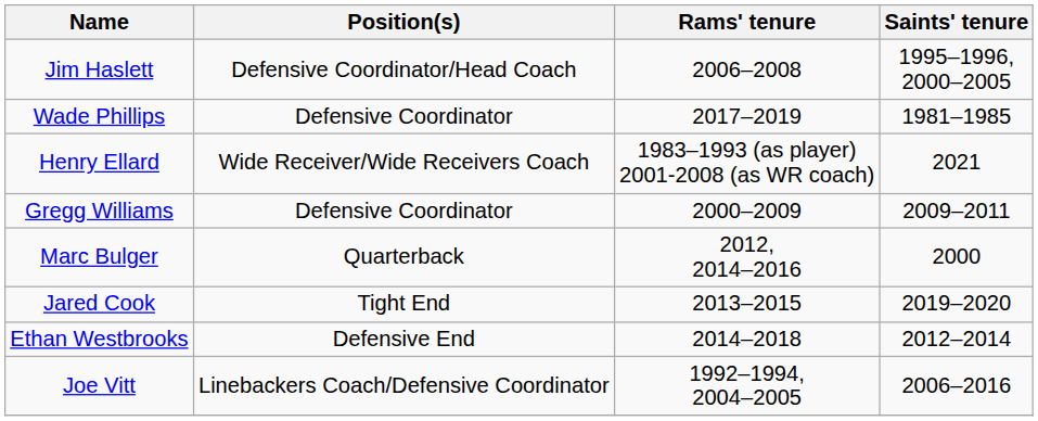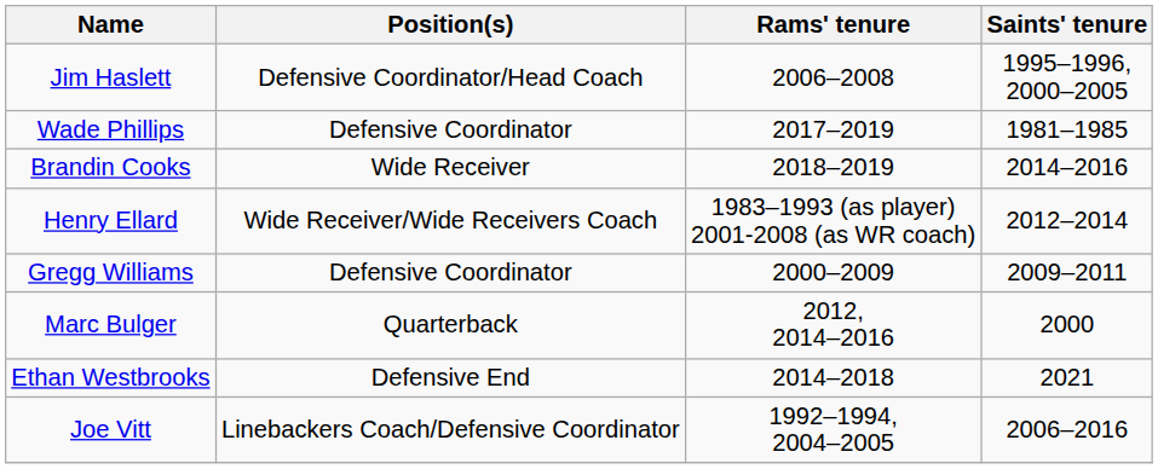 <table class="wikitable" style="text-align: center">
 <tr>
 <th>Name</th>
 <th>Position(s)</th>
 <th>Rams' tenure</th>
 <th>Saints' tenure</th>
 </tr>
 <tr>
 <td><a href='#'>Jim Haslett</a></td>
 <td>Defensive Coordinator/Head Coach</td>
 <td>2006–2008</td>
 <td>1995–1996, <br>2000–2005</td>
 </tr>
 <tr>
 <td><a href='#'>Wade Phillips</a></td>
 <td>Defensive Coordinator</td>
 <td>2017–2019</td>
 <td>1981–1985</td>
 </tr>
 <tr>
+<td><a href='#'>Brandin Cooks</a></td>
+<td>Wide Receiver</td>
+<td>2018–2019</td>
+<td>2014–2016</td>
+</tr>
+<tr>
 <td><a href='#'>Henry Ellard</a></td>
 <td>Wide Receiver/Wide Receivers Coach</td>
 <td>1983–1993 (as player) <br>2001-2008 (as WR coach)</td>
-<td>2021</td>
+<td>2012–2014</td>
 </tr>
 <tr>
 <td><a href='#'>Gregg Williams</a></td>
 <td>Defensive Coordinator</td>
 <td>2000–2009</td>
 <td>2009–2011</td>
 </tr>
 <tr>
 <td><a href='#'>Marc Bulger</a></td>
 <td>Quarterback</td>
 <td>2012, <br>2014–2016</td>
 <td>2000</td>
 </tr>
 <tr>
-<td><a href='#'>Jared Cook</a></td>
-<td>Tight End</td>
-<td>2013–2015</td>
-<td>2019–2020</td>
-</tr>
-<tr>
 <td><a href='#'>Ethan Westbrooks</a></td>
 <td>Defensive End</td>
 <td>2014–2018</td>
-<td>2012–2014</td>
+<td>2021</td>
 </tr>
 <tr>
 <td><a href='#'>Joe Vitt</a></td>
 <td>Linebackers Coach/Defensive Coordinator</td>
 <td>1992–1994, <br>2004–2005</td>
 <td>2006–2016</td>
 </tr>
 <tr>
 </tr>
 </table>
